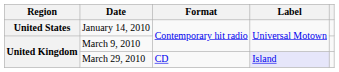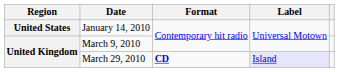 <table class="wikitable plainrowheaders">
 <tr>
 <th scope="col">Region</th>
 <th scope="col">Date</th>
 <th scope="col">Format</th>
 <th scope="col">Label</th>
 <th scope="col"></th>
 </tr>
 <tr>
 <th scope="row">United States</th>
 <td>January 14, 2010</td>
 <td rowspan="2"><a href='#'>Contemporary hit radio</a></td>
 <td rowspan="2"><a href='#'>Universal Motown</a></td>
 <td align="center"></td>
 </tr>
 <tr>
 <th scope="row" rowspan="2">United Kingdom</th>
 <td>March 9, 2010</td>
 <td align="center"></td>
 </tr>
 <tr>
 <td>March 29, 2010</td>
-<td><a href='#'>CD</a></td>
+<td><strong><a href='#'>CD</a></strong></td>
 <td style="background: lavender;"><a href='#'>Island</a></td>
 <td align="center"></td>
 </tr>
 </table>
